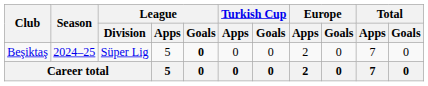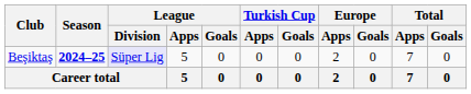 <table class="wikitable" style="text-align: center">
 <tr>
 <th rowspan="2">Club</th>
 <th rowspan="2">Season</th>
 <th colspan="3">League</th>
 <th colspan="2"><a href='#'>Turkish Cup</a></th>
 <th colspan="2">Europe</th>
 <th colspan="2">Total</th>
 </tr>
 <tr>
 <th>Division</th>
 <th>Apps</th>
 <th>Goals</th>
 <th>Apps</th>
 <th>Goals</th>
 <th>Apps</th>
 <th>Goals</th>
 <th>Apps</th>
 <th>Goals</th>
 </tr>
 <tr>
 <td><a href='#'>Beşiktaş</a></td>
-<td><a href='#'>2024–25</a></td>
-<td><a href='#'>Süper Lig</a></td>
+<td><strong><a href='#'>2024–25</a></strong></td>
+<td style="background: lavender;"><a href='#'>Süper Lig</a></td>
 <td>5</td>
-<td><strong>0</strong></td>
+<td>0</td>
 <td>0</td>
 <td>0</td>
 <td>2</td>
 <td>0</td>
 <td>7</td>
 <td>0</td>
 </tr>
 <tr>
 <th colspan="3">Career total</th>
 <th>5</th>
 <th>0</th>
 <th>0</th>
 <th>0</th>
 <th>2</th>
 <th>0</th>
 <th>7</th>
 <th>0</th>
 </tr>
 </table>
